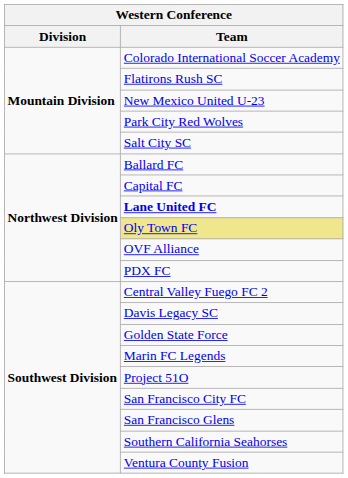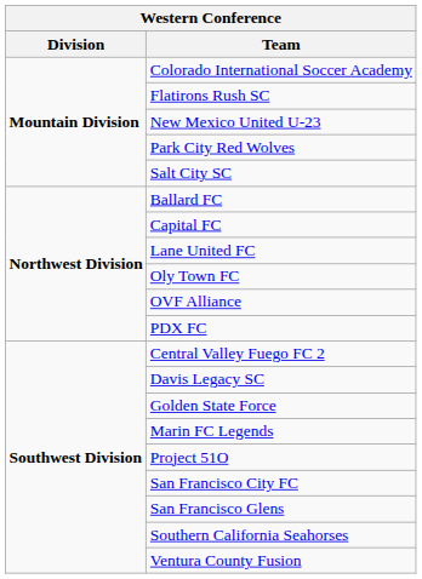 <table class="wikitable" style="text-align:left">
 <tr>
 <th colspan=2>Western Conference</th>
 </tr>
 <tr>
 <th>Division</th>
 <th>Team</th>
 </tr>
 <tr>
 <td rowspan=5><strong>Mountain Division</strong></td>
 <td><a href='#'>Colorado International Soccer Academy</a></td>
 </tr>
 <tr>
 <td><a href='#'>Flatirons Rush SC</a></td>
 </tr>
 <tr>
 <td><a href='#'>New Mexico United U-23</a></td>
 </tr>
 <tr>
 <td><a href='#'>Park City Red Wolves</a></td>
 </tr>
 <tr>
 <td><a href='#'>Salt City SC</a></td>
 </tr>
 <tr>
 <td rowspan=6><strong>Northwest Division</strong></td>
 <td><a href='#'>Ballard FC</a></td>
 </tr>
 <tr>
 <td><a href='#'>Capital FC</a></td>
 </tr>
 <tr>
-<td><strong><a href='#'>Lane United FC</a></strong></td>
+<td><a href='#'>Lane United FC</a></td>
 </tr>
 <tr>
-<td style="background: khaki;"><a href='#'>Oly Town FC</a></td>
+<td><a href='#'>Oly Town FC</a></td>
 </tr>
 <tr>
 <td><a href='#'>OVF Alliance</a></td>
 </tr>
 <tr>
 <td><a href='#'>PDX FC</a></td>
 </tr>
 <tr>
 <td rowspan=9><strong>Southwest Division</strong></td>
 <td><a href='#'>Central Valley Fuego FC 2</a></td>
 </tr>
 <tr>
 <td><a href='#'>Davis Legacy SC</a></td>
 </tr>
 <tr>
 <td><a href='#'>Golden State Force</a></td>
 </tr>
 <tr>
 <td><a href='#'>Marin FC Legends</a></td>
 </tr>
 <tr>
 <td><a href='#'>Project 51O</a></td>
 </tr>
 <tr>
 <td><a href='#'>San Francisco City FC</a></td>
 </tr>
 <tr>
 <td><a href='#'>San Francisco Glens</a></td>
 </tr>
 <tr>
 <td><a href='#'>Southern California Seahorses</a></td>
 </tr>
 <tr>
 <td><a href='#'>Ventura County Fusion</a></td>
 </tr>
 </table>
